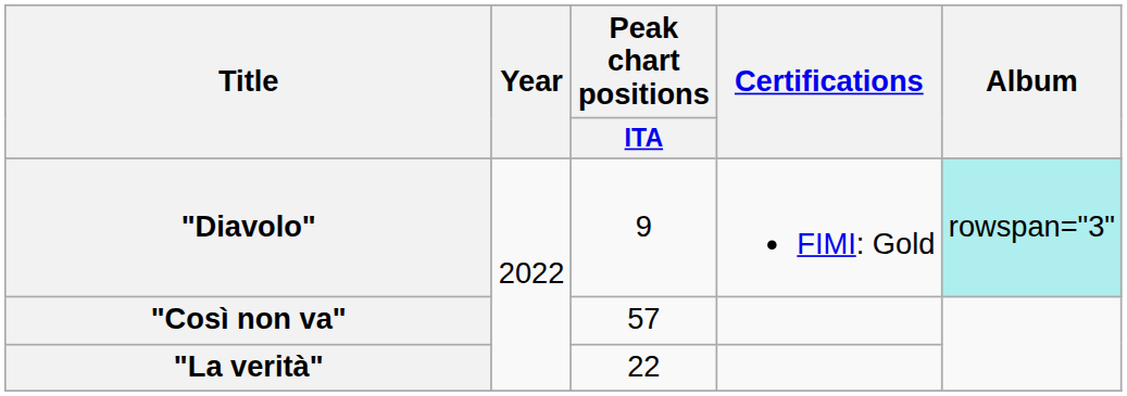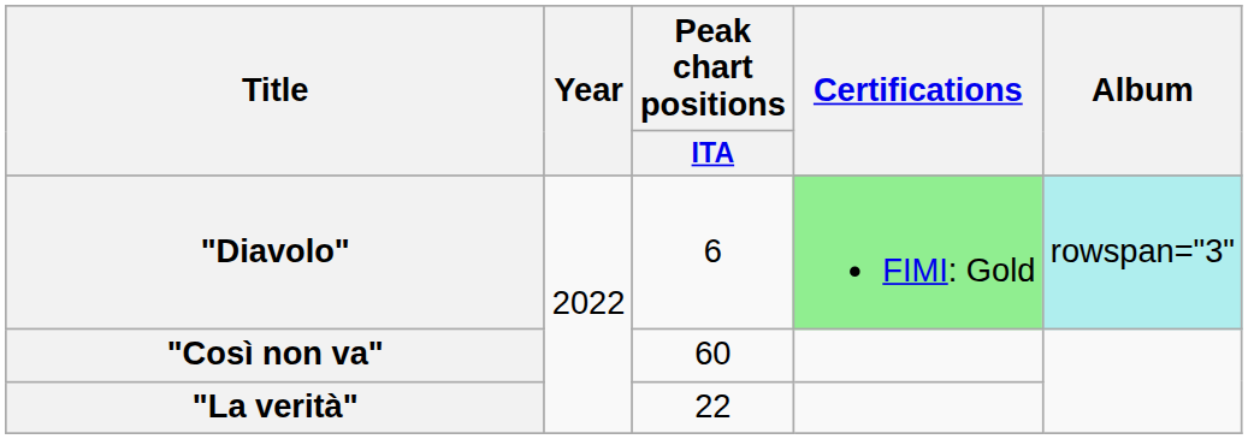 <table class="wikitable plainrowheaders" style="text-align:center;">
 <tr>
 <th rowspan="2" scope="col" style="width:16em;">Title</th>
 <th rowspan="2" scope="col" style="width:1em;">Year</th>
 <th scope="col">Peak chart positions</th>
 <th rowspan="2" scope="col"><a href='#'>Certifications</a></th>
 <th rowspan="2">Album</th>
 </tr>
 <tr>
 <th scope="col" style="width:3em;font-size:85%;"><a href='#'>ITA</a><br></th>
 </tr>
 <tr>
 <th scope="row" nowrap="">"Diavolo"<br></th>
 <td rowspan="3">2022</td>
-<td>9</td>
-<td><br><ul><li><a href='#'>FIMI</a>: Gold</li></ul></td>
+<td>6</td>
+<td style="background: lightgreen;"><br><ul><li><a href='#'>FIMI</a>: Gold</li></ul></td>
 <td style="background: paleturquoise;">rowspan="3" </td>
 </tr>
 <tr>
 <th scope="row" nowrap="">"Così non va"<br></th>
-<td>57</td>
+<td>60</td>
 <td></td>
 </tr>
 <tr>
 <th scope="row" nowrap="">"La verità"<br></th>
 <td>22</td>
 <td></td>
 </tr>
 </table>
